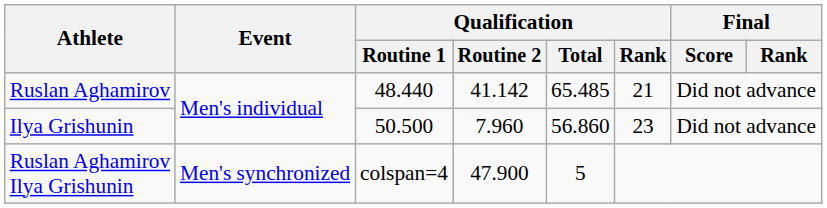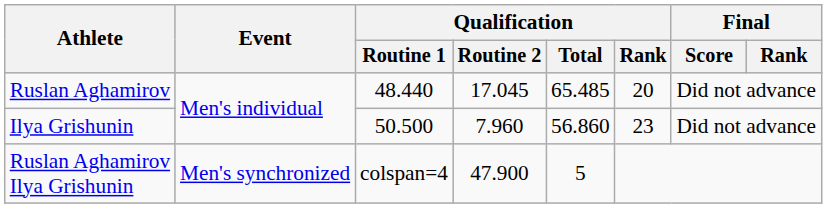 <table class="wikitable" style="text-align:center; font-size:90%">
 <tr>
 <th rowspan=2>Athlete</th>
 <th rowspan=2>Event</th>
 <th colspan=4>Qualification</th>
 <th colspan=2>Final</th>
 </tr>
 <tr style="font-size:95%">
 <th>Routine 1</th>
 <th>Routine 2</th>
 <th>Total</th>
 <th>Rank</th>
 <th>Score</th>
 <th>Rank</th>
 </tr>
 <tr>
 <td align=left><a href='#'>Ruslan Aghamirov</a></td>
 <td rowspan=2 align=left><a href='#'>Men's individual</a></td>
 <td>48.440</td>
-<td>41.142</td>
+<td>17.045</td>
 <td>65.485</td>
-<td>21</td>
+<td>20</td>
 <td colspan=2>Did not advance</td>
 </tr>
 <tr>
 <td align=left><a href='#'>Ilya Grishunin</a></td>
 <td>50.500</td>
 <td>7.960</td>
 <td>56.860</td>
 <td>23</td>
 <td colspan=2>Did not advance</td>
 </tr>
 <tr>
 <td align=left><a href='#'>Ruslan Aghamirov</a><br><a href='#'>Ilya Grishunin</a></td>
 <td align=left><a href='#'>Men's synchronized</a></td>
 <td>colspan=4 </td>
 <td>47.900</td>
 <td>5</td>
 </tr>
 </table>
